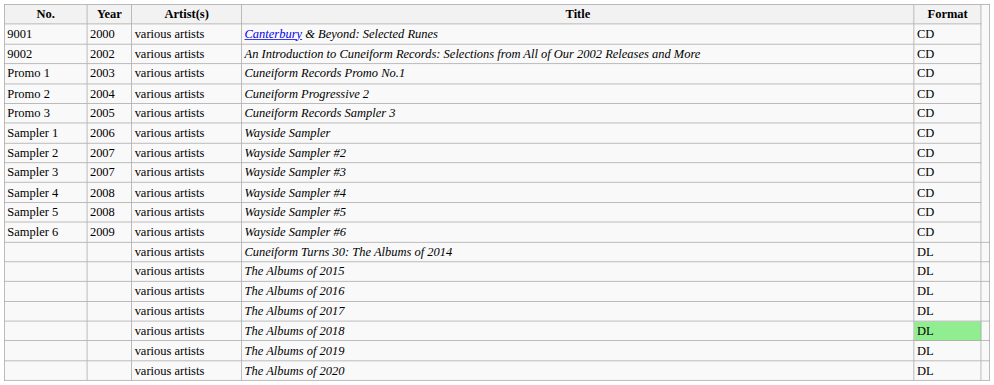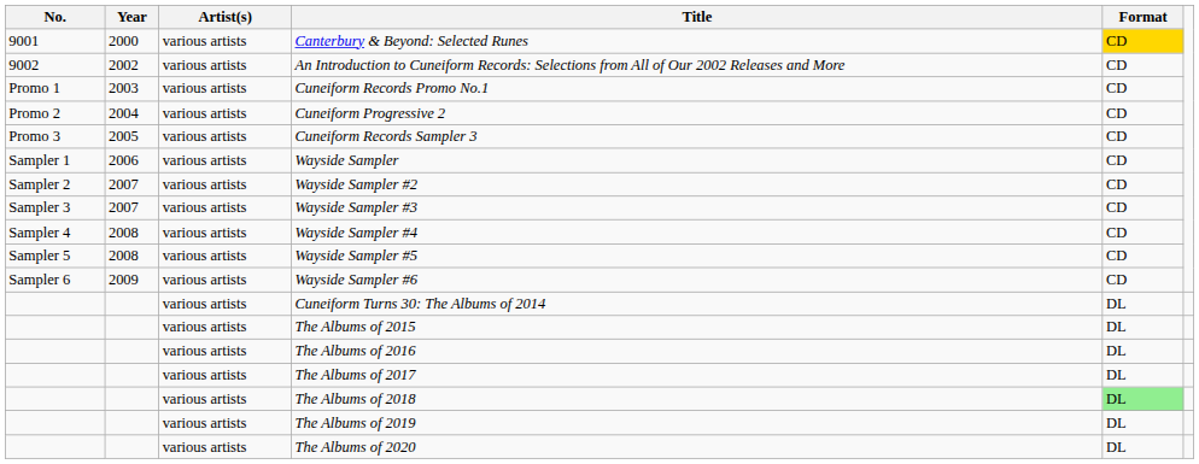 <table class="wikitable" style="margin:0;width:100%">
 <tr>
 <th>No.</th>
 <th>Year</th>
 <th>Artist(s)</th>
 <th>Title</th>
 <th>Format</th>
 </tr>
 <tr>
 <td>9001</td>
 <td>2000</td>
 <td>various artists</td>
 <td><em><a href='#'>Canterbury</a> & Beyond: Selected Runes</em></td>
-<td>CD</td>
+<td style="background: gold;">CD</td>
 </tr>
 <tr>
 <td>9002</td>
 <td>2002</td>
 <td>various artists</td>
 <td><em>An Introduction to Cuneiform Records: Selections from All of Our 2002 Releases and More</em></td>
 <td>CD</td>
 </tr>
 <tr>
 <td>Promo 1</td>
 <td>2003</td>
 <td>various artists</td>
 <td><em>Cuneiform Records Promo No.1</em></td>
 <td>CD</td>
 </tr>
 <tr>
 <td>Promo 2</td>
 <td>2004</td>
 <td>various artists</td>
 <td><em>Cuneiform Progressive 2</em></td>
 <td>CD</td>
 </tr>
 <tr>
 <td>Promo 3</td>
 <td>2005</td>
 <td>various artists</td>
 <td><em>Cuneiform Records Sampler 3</em></td>
 <td>CD</td>
 </tr>
 <tr>
 <td>Sampler 1</td>
 <td>2006</td>
 <td>various artists</td>
 <td><em>Wayside Sampler</em></td>
 <td>CD</td>
 </tr>
 <tr>
 <td>Sampler 2</td>
 <td>2007</td>
 <td>various artists</td>
 <td><em>Wayside Sampler #2</em></td>
 <td>CD</td>
 </tr>
 <tr>
 <td>Sampler 3</td>
 <td>2007</td>
 <td>various artists</td>
 <td><em>Wayside Sampler #3</em></td>
 <td>CD</td>
 </tr>
 <tr>
 <td>Sampler 4</td>
 <td>2008</td>
 <td>various artists</td>
 <td><em>Wayside Sampler #4</em></td>
 <td>CD</td>
 </tr>
 <tr>
 <td>Sampler 5</td>
 <td>2008</td>
 <td>various artists</td>
 <td><em>Wayside Sampler #5</em></td>
 <td>CD</td>
 </tr>
 <tr>
 <td>Sampler 6</td>
 <td>2009</td>
 <td>various artists</td>
 <td><em>Wayside Sampler #6</em></td>
 <td>CD</td>
 </tr>
 <tr>
 <td></td>
 <td></td>
 <td>various artists</td>
 <td><em>Cuneiform Turns 30: The Albums of 2014</em></td>
 <td>DL</td>
 <td></td>
 </tr>
 <tr>
 <td></td>
 <td></td>
 <td>various artists</td>
 <td><em>The Albums of 2015</em></td>
 <td>DL</td>
 <td></td>
 </tr>
 <tr>
 <td></td>
 <td></td>
 <td>various artists</td>
 <td><em>The Albums of 2016</em></td>
 <td>DL</td>
 <td></td>
 </tr>
 <tr>
 <td></td>
 <td></td>
 <td>various artists</td>
 <td><em>The Albums of 2017</em></td>
 <td>DL</td>
 <td></td>
 </tr>
 <tr>
 <td></td>
 <td></td>
 <td>various artists</td>
 <td><em>The Albums of 2018</em></td>
 <td style="background: lightgreen;">DL</td>
 <td></td>
 </tr>
 <tr>
 <td></td>
 <td></td>
 <td>various artists</td>
 <td><em>The Albums of 2019</em></td>
 <td>DL</td>
 <td></td>
 </tr>
 <tr>
 <td></td>
 <td></td>
 <td>various artists</td>
 <td><em>The Albums of 2020</em></td>
 <td>DL</td>
 <td></td>
 </tr>
 </table>
